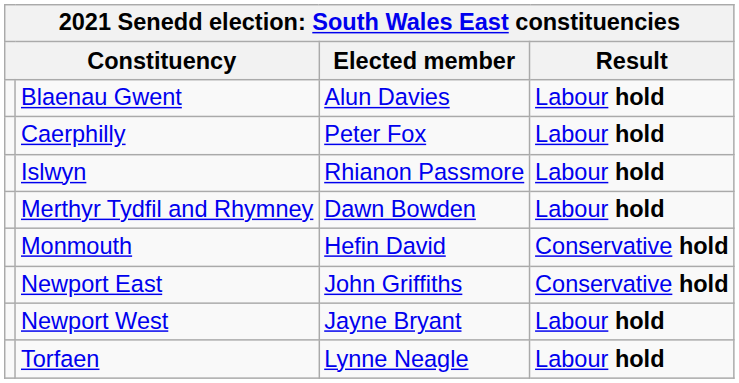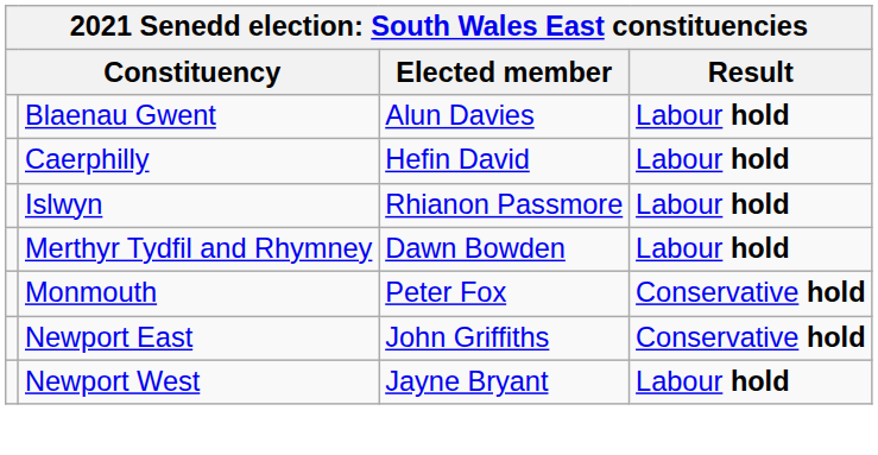 <table class="wikitable">
 <tr>
 <th colspan="4">2021 Senedd election: <a href='#'>South Wales East</a> constituencies</th>
 </tr>
 <tr>
 <th colspan="2">Constituency</th>
 <th>Elected member</th>
 <th>Result</th>
 </tr>
 <tr>
 <td style="background-color: "></td>
 <td><a href='#'>Blaenau Gwent</a></td>
 <td><a href='#'>Alun Davies</a></td>
 <td><a href='#'>Labour</a> <strong>hold</strong></td>
 </tr>
 <tr>
 <td style="background-color: "></td>
 <td><a href='#'>Caerphilly</a></td>
-<td><a href='#'>Peter Fox</a></td>
+<td><a href='#'>Hefin David</a></td>
 <td><a href='#'>Labour</a> <strong>hold</strong></td>
 </tr>
 <tr>
 <td style="background-color: "></td>
 <td><a href='#'>Islwyn</a></td>
 <td><a href='#'>Rhianon Passmore</a></td>
 <td><a href='#'>Labour</a> <strong>hold</strong></td>
 </tr>
 <tr>
 <td style="background-color: "></td>
 <td><a href='#'>Merthyr Tydfil and Rhymney</a></td>
 <td><a href='#'>Dawn Bowden</a></td>
 <td><a href='#'>Labour</a> <strong>hold</strong></td>
 </tr>
 <tr>
 <td style="background-color: "></td>
 <td><a href='#'>Monmouth</a></td>
-<td><a href='#'>Hefin David</a></td>
+<td><a href='#'>Peter Fox</a></td>
 <td><a href='#'>Conservative</a> <strong>hold</strong></td>
 </tr>
 <tr>
 <td style="background-color: "></td>
 <td><a href='#'>Newport East</a></td>
 <td><a href='#'>John Griffiths</a></td>
 <td><a href='#'>Conservative</a> <strong>hold</strong></td>
 </tr>
 <tr>
 <td style="background-color: "></td>
 <td><a href='#'>Newport West</a></td>
 <td><a href='#'>Jayne Bryant</a></td>
 <td><a href='#'>Labour</a> <strong>hold</strong></td>
 </tr>
-<tr>
-<td style="background-color: "></td>
-<td><a href='#'>Torfaen</a></td>
-<td><a href='#'>Lynne Neagle</a></td>
-<td><a href='#'>Labour</a> <strong>hold</strong></td>
-</tr>
 </table>
